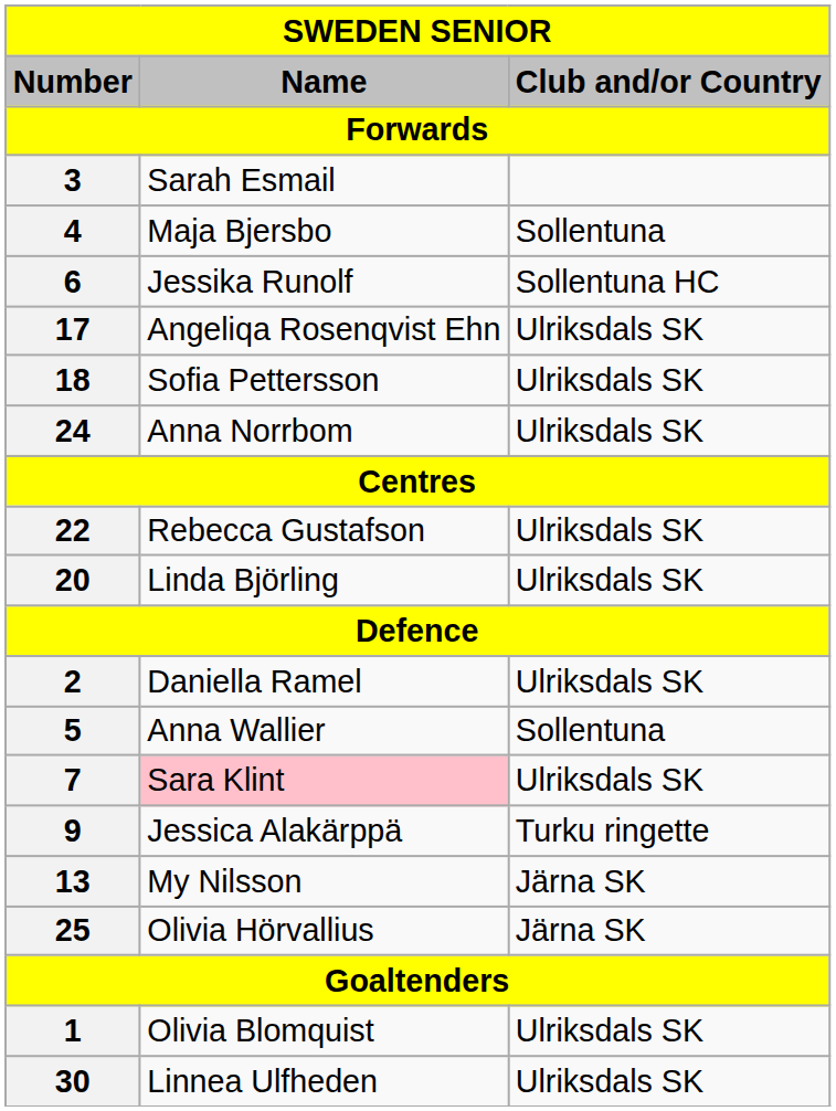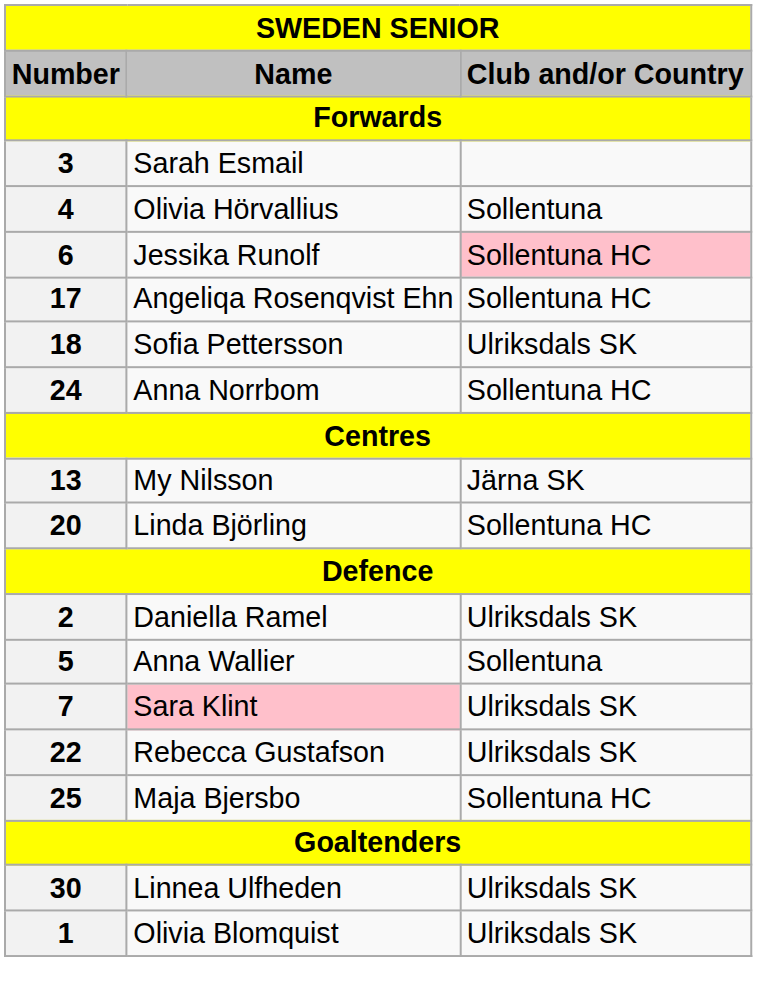 <table class="wikitable" style="text-align:left; font-size:90%;">
 <tr>
 <th style=background:Yellow colspan=3>SWEDEN SENIOR</th>
 </tr>
 <tr>
 <th style="background:silver;">Number</th>
 <th style="background:silver;">Name</th>
 <th style="background:silver;">Club and/or Country</th>
 </tr>
 <tr>
 <th style=background:Yellow colspan=3>Forwards</th>
 </tr>
 <tr>
 <th>3</th>
 <td>Sarah Esmail</td>
 <td></td>
 </tr>
 <tr>
 <th>4</th>
-<td>Maja Bjersbo</td>
+<td>Olivia Hörvallius</td>
 <td>Sollentuna</td>
 </tr>
 <tr>
 <th>6</th>
 <td>Jessika Runolf</td>
-<td>Sollentuna HC</td>
+<td style="background: pink;">Sollentuna HC</td>
 </tr>
 <tr>
 <th>17</th>
 <td>Angeliqa Rosenqvist Ehn</td>
-<td>Ulriksdals SK</td>
+<td>Sollentuna HC</td>
 </tr>
 <tr>
 <th>18</th>
 <td>Sofia Pettersson</td>
 <td>Ulriksdals SK</td>
 </tr>
 <tr>
 <th>24</th>
 <td>Anna Norrbom</td>
-<td>Ulriksdals SK</td>
+<td>Sollentuna HC</td>
 </tr>
 <tr>
 <th style=background:Yellow colspan=3>Centres</th>
 </tr>
 <tr>
-<th>22</th>
-<td>Rebecca Gustafson</td>
-<td>Ulriksdals SK</td>
+<th>13</th>
+<td>My Nilsson</td>
+<td>Järna SK</td>
 </tr>
 <tr>
 <th>20</th>
 <td>Linda Björling</td>
-<td>Ulriksdals SK</td>
+<td>Sollentuna HC</td>
 </tr>
 <tr>
 <th style=background:Yellow colspan=3>Defence</th>
 </tr>
 <tr>
 <th>2</th>
 <td>Daniella Ramel</td>
 <td>Ulriksdals SK</td>
 </tr>
 <tr>
 <th>5</th>
 <td>Anna Wallier</td>
 <td>Sollentuna</td>
 </tr>
 <tr>
 <th>7</th>
 <td style="background: pink;">Sara Klint</td>
 <td>Ulriksdals SK</td>
 </tr>
 <tr>
-<th>9</th>
-<td>Jessica Alakärppä</td>
-<td>Turku ringette </td>
-</tr>
-<tr>
-<th>13</th>
-<td>My Nilsson</td>
-<td>Järna SK</td>
+<th>22</th>
+<td>Rebecca Gustafson</td>
+<td>Ulriksdals SK</td>
 </tr>
 <tr>
 <th>25</th>
-<td>Olivia Hörvallius</td>
-<td>Järna SK</td>
+<td>Maja Bjersbo</td>
+<td>Sollentuna HC</td>
 </tr>
 <tr>
 <th style=background:Yellow colspan=3>Goaltenders</th>
+</tr>
+<tr>
+<th>30</th>
+<td>Linnea Ulfheden</td>
+<td>Ulriksdals SK</td>
 </tr>
 <tr>
 <th>1</th>
 <td>Olivia Blomquist</td>
 <td>Ulriksdals SK</td>
 </tr>
 <tr>
-<th>30</th>
-<td>Linnea Ulfheden</td>
-<td>Ulriksdals SK</td>
-</tr>
-<tr>
 </tr>
 </table>
